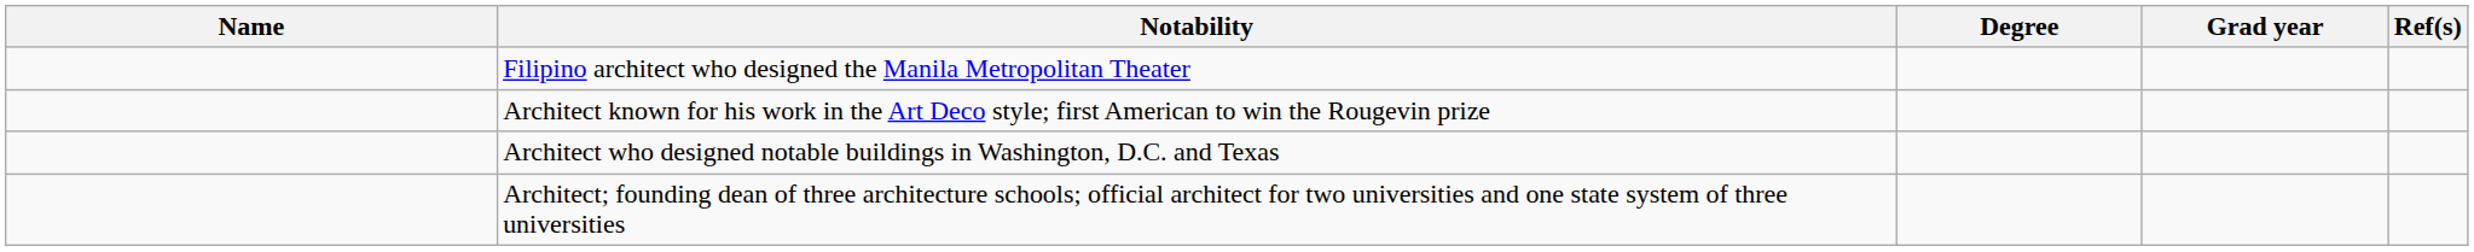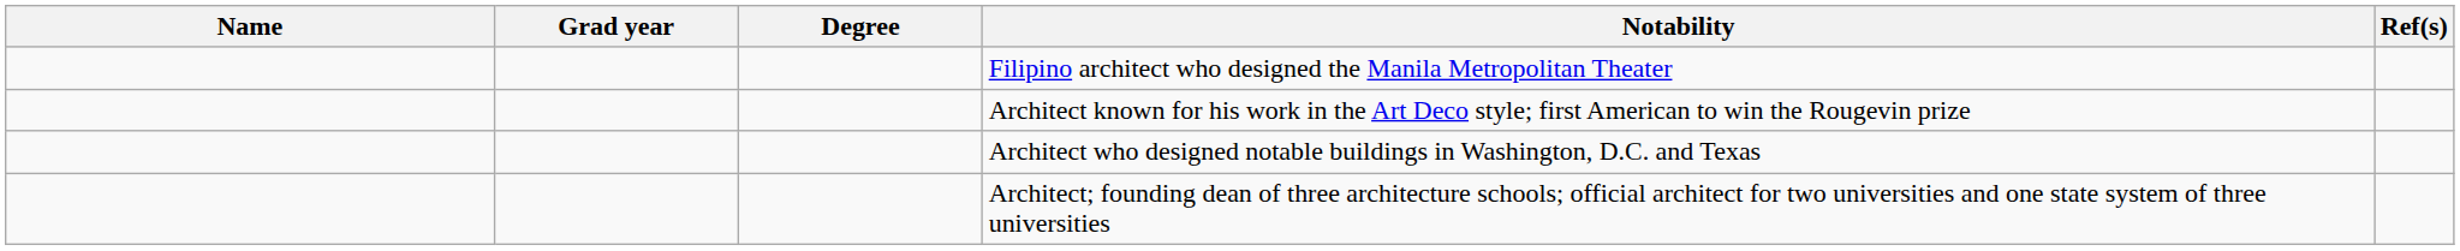 <table class="wikitable sortable" width=75%>
 <tr valign="top">
 <th width="20%">Name</th>
+<th width="10%">Grad year</th>
+<th width="10%" class="unsortable">Degree</th>
 <th width="57%" class="unsortable">Notability</th>
-<th width="10%" class="unsortable">Degree</th>
-<th width="10%">Grad year</th>
 <th width="3%" class="unsortable">Ref(s)</th>
 </tr>
 <tr valign="top">
 <td></td>
-<td><a href='#'>Filipino</a> architect who designed the <a href='#'>Manila Metropolitan Theater</a></td>
 <td></td>
 <td></td>
+<td><a href='#'>Filipino</a> architect who designed the <a href='#'>Manila Metropolitan Theater</a></td>
 <td></td>
 </tr>
 <tr valign="top">
 <td></td>
-<td>Architect known for his work in the <a href='#'>Art Deco</a> style; first American to win the Rougevin prize</td>
 <td></td>
 <td></td>
+<td>Architect known for his work in the <a href='#'>Art Deco</a> style; first American to win the Rougevin prize</td>
 <td></td>
 </tr>
 <tr>
 <td></td>
-<td>Architect who designed notable buildings in Washington, D.C. and Texas</td>
 <td></td>
 <td></td>
+<td>Architect who designed notable buildings in Washington, D.C. and Texas</td>
 <td></td>
 </tr>
 <tr valign="top">
 <td></td>
-<td>Architect; founding dean of three architecture schools; official architect for two universities and one state system of three universities</td>
 <td> </td>
 <td> </td>
+<td>Architect; founding dean of three architecture schools; official architect for two universities and one state system of three universities</td>
 <td></td>
 </tr>
 </table>
